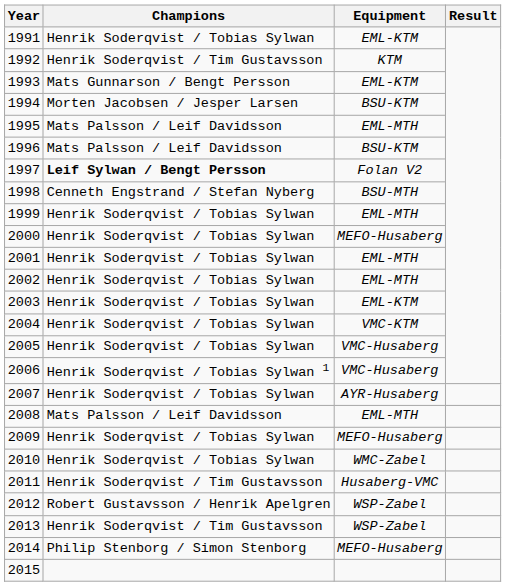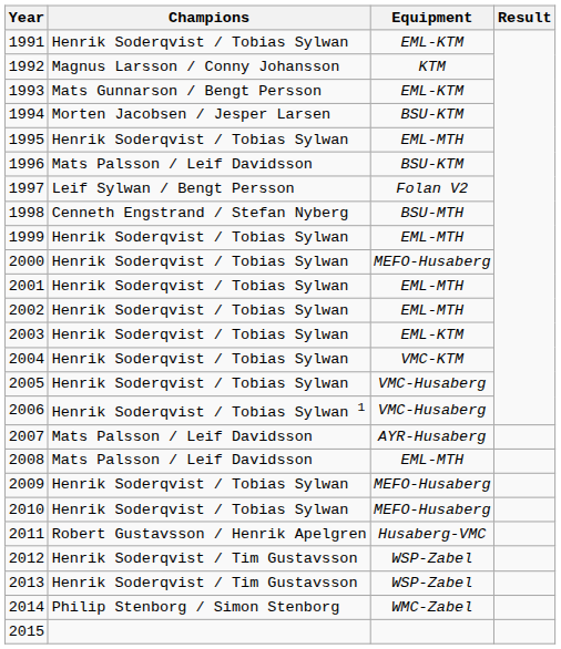 <table class="wikitable" style="display:inline-table;">
 <tr>
 <th>Year</th>
 <th>Champions</th>
 <th>Equipment</th>
 <th>Result</th>
 </tr>
 <tr align="center">
 <td>1991</td>
 <td align="left">Henrik Soderqvist / Tobias Sylwan</td>
 <td><em>EML-KTM</em></td>
 <td rowspan=16></td>
 </tr>
 <tr align="center">
 <td>1992</td>
-<td align="left">Henrik Soderqvist / Tim Gustavsson</td>
+<td align="left">Magnus Larsson / Conny Johansson</td>
 <td><em>KTM</em></td>
 </tr>
 <tr align="center">
 <td>1993</td>
 <td align="left">Mats Gunnarson / Bengt Persson</td>
 <td><em>EML-KTM</em></td>
 </tr>
 <tr align="center">
 <td>1994</td>
 <td align="left">Morten Jacobsen / Jesper Larsen</td>
 <td><em>BSU-KTM</em></td>
 </tr>
 <tr align="center">
 <td>1995</td>
-<td align="left">Mats Palsson / Leif Davidsson</td>
+<td align="left">Henrik Soderqvist / Tobias Sylwan</td>
 <td><em>EML-MTH</em></td>
 </tr>
 <tr align="center">
 <td>1996</td>
 <td align="left">Mats Palsson / Leif Davidsson</td>
 <td><em>BSU-KTM</em></td>
 </tr>
 <tr align="center">
 <td>1997</td>
-<td align="left"><strong>Leif Sylwan / Bengt Persson</strong></td>
+<td align="left">Leif Sylwan / Bengt Persson</td>
 <td><em>Folan V2</em></td>
 </tr>
 <tr align="center">
 <td>1998</td>
 <td align="left">Cenneth Engstrand / Stefan Nyberg</td>
 <td><em>BSU-MTH</em></td>
 </tr>
 <tr align="center">
 <td>1999</td>
 <td align="left">Henrik Soderqvist / Tobias Sylwan</td>
 <td><em>EML-MTH</em></td>
 </tr>
 <tr align="center">
 <td>2000</td>
 <td align="left">Henrik Soderqvist / Tobias Sylwan</td>
 <td><em>MEFO-Husaberg</em></td>
 </tr>
 <tr align="center">
 <td>2001</td>
 <td align="left">Henrik Soderqvist / Tobias Sylwan</td>
 <td><em>EML-MTH</em></td>
 </tr>
 <tr align="center">
 <td>2002</td>
 <td align="left">Henrik Soderqvist / Tobias Sylwan</td>
 <td><em>EML-MTH</em></td>
 </tr>
 <tr align="center">
 <td>2003</td>
 <td align="left">Henrik Soderqvist / Tobias Sylwan</td>
 <td><em>EML-KTM</em></td>
 </tr>
 <tr align="center">
 <td>2004</td>
 <td align="left">Henrik Soderqvist / Tobias Sylwan</td>
 <td><em>VMC-KTM</em></td>
 </tr>
 <tr align="center">
 <td>2005</td>
 <td align="left">Henrik Soderqvist / Tobias Sylwan</td>
 <td><em>VMC-Husaberg</em></td>
 </tr>
 <tr align="center">
 <td>2006</td>
 <td align="left">Henrik Soderqvist / Tobias Sylwan <sup>1</sup></td>
 <td><em>VMC-Husaberg</em></td>
 </tr>
 <tr align="center">
 <td>2007</td>
-<td align="left">Henrik Soderqvist / Tobias Sylwan</td>
+<td align="left">Mats Palsson / Leif Davidsson</td>
 <td><em>AYR-Husaberg</em></td>
 <td></td>
 </tr>
 <tr align="center">
 <td>2008</td>
 <td align="left">Mats Palsson / Leif Davidsson</td>
 <td><em>EML-MTH</em></td>
 <td></td>
 </tr>
 <tr align="center">
 <td>2009</td>
 <td align="left">Henrik Soderqvist / Tobias Sylwan</td>
 <td><em>MEFO-Husaberg</em></td>
 <td></td>
 </tr>
 <tr align="center">
 <td>2010</td>
 <td align="left">Henrik Soderqvist / Tobias Sylwan</td>
-<td><em>WMC-Zabel</em></td>
+<td><em>MEFO-Husaberg</em></td>
 <td></td>
 </tr>
 <tr align="center">
 <td>2011</td>
-<td align="left">Henrik Soderqvist / Tim Gustavsson</td>
+<td align="left">Robert Gustavsson / Henrik Apelgren</td>
 <td><em>Husaberg-VMC</em></td>
 <td></td>
 </tr>
 <tr align="center">
 <td>2012</td>
-<td align="left">Robert Gustavsson / Henrik Apelgren</td>
+<td align="left">Henrik Soderqvist / Tim Gustavsson</td>
 <td><em>WSP-Zabel</em></td>
 <td> </td>
 </tr>
 <tr align="center">
 <td>2013</td>
 <td align="left">Henrik Soderqvist / Tim Gustavsson</td>
 <td><em>WSP-Zabel</em></td>
 <td> </td>
 </tr>
 <tr align="center">
 <td>2014</td>
 <td align="left">Philip Stenborg / Simon Stenborg</td>
-<td><em>MEFO-Husaberg</em></td>
+<td><em>WMC-Zabel</em></td>
 <td></td>
 </tr>
 <tr align="center">
 <td>2015</td>
 <td align="left"></td>
 <td></td>
 <td></td>
 </tr>
 </table>
